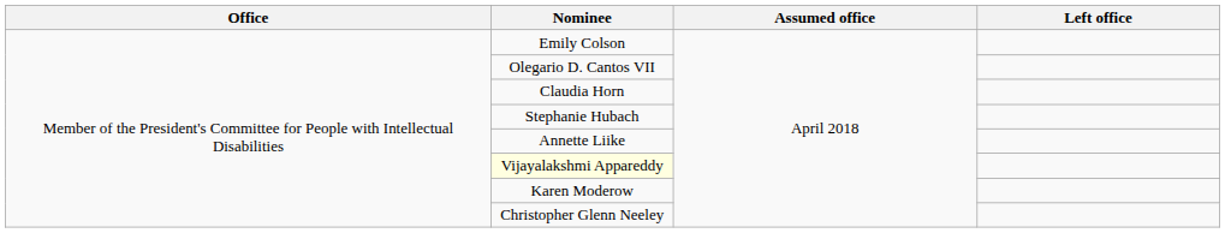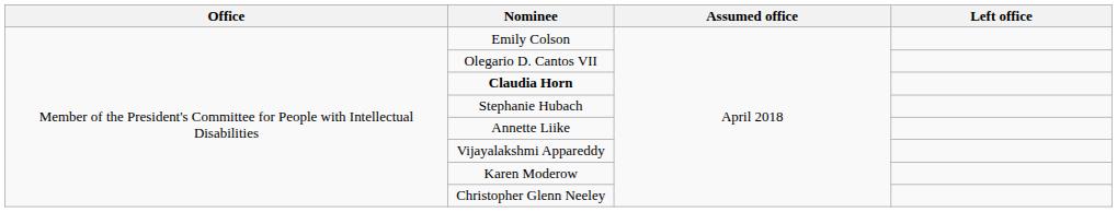 <table class="wikitable sortable" style="text-align:center">
 <tr>
 <th style="width:40%;">Office</th>
 <th style="width:15%;">Nominee</th>
 <th style="width:25%;" data-sort- type="date">Assumed office</th>
 <th style="width:20%;" data-sort- type="date">Left office</th>
 </tr>
 <tr>
 <td rowspan="8"><br>Member of the President's Committee for People with Intellectual Disabilities</td>
 <td>Emily Colson</td>
 <td rowspan="12">April 2018</td>
 <td></td>
 </tr>
 <tr>
 <td>Olegario D. Cantos VII</td>
 <td></td>
 </tr>
 <tr>
-<td>Claudia Horn</td>
+<td><strong>Claudia Horn</strong></td>
 <td></td>
 </tr>
 <tr>
 <td>Stephanie Hubach</td>
 <td></td>
 </tr>
 <tr>
 <td>Annette Liike</td>
 <td></td>
 </tr>
 <tr>
-<td style="background: lightyellow;">Vijayalakshmi Appareddy</td>
+<td>Vijayalakshmi Appareddy</td>
 <td></td>
 </tr>
 <tr>
 <td>Karen Moderow</td>
 <td></td>
 </tr>
 <tr>
 <td>Christopher Glenn Neeley</td>
 <td></td>
 </tr>
 </table>
